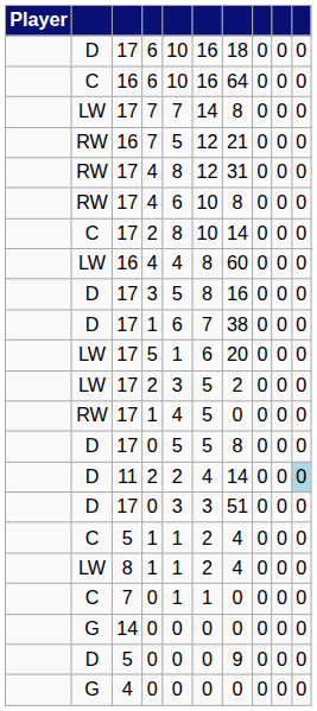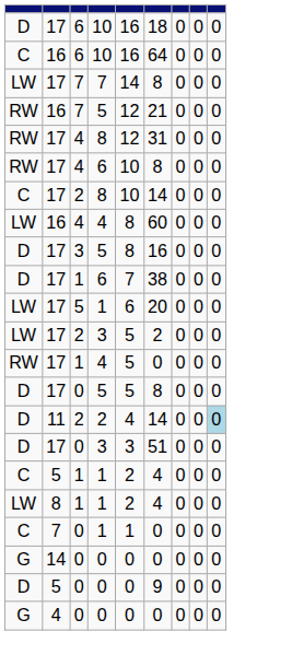 <table class="wikitable sortable">
 <tr align=center>
-<th style="color:white; background:#081073; ">Player</th>
 <th style="color:white; background:#081073; "></th>
 <th style="color:white; background:#081073; "></th>
 <th style="color:white;background:#081073; "></th>
 <th style="color:white;background:#081073; "></th>
 <th style="color:white;background:#081073; "></th>
 <th style="color:white;background:#081073; "></th>
 <th style="color:white;background:#081073; "></th>
 <th style="color:white;background:#081073; "></th>
 <th style="color:white;background:#081073; "></th>
 </tr>
 <tr align="center">
-<td align="right"></td>
 <td>D</td>
 <td>17</td>
 <td>6</td>
 <td>10</td>
 <td>16</td>
 <td>18</td>
 <td>0</td>
 <td>0</td>
 <td>0</td>
 </tr>
 <tr align="center">
-<td align="right"></td>
 <td>C</td>
 <td>16</td>
 <td>6</td>
 <td>10</td>
 <td>16</td>
 <td>64</td>
 <td>0</td>
 <td>0</td>
 <td>0</td>
 </tr>
 <tr align="center">
-<td align="right"></td>
 <td>LW</td>
 <td>17</td>
 <td>7</td>
 <td>7</td>
 <td>14</td>
 <td>8</td>
 <td>0</td>
 <td>0</td>
 <td>0</td>
 </tr>
 <tr align="center">
-<td align="right"></td>
 <td>RW</td>
 <td>16</td>
 <td>7</td>
 <td>5</td>
 <td>12</td>
 <td>21</td>
 <td>0</td>
 <td>0</td>
 <td>0</td>
 </tr>
 <tr align="center">
-<td align="right"></td>
 <td>RW</td>
 <td>17</td>
 <td>4</td>
 <td>8</td>
 <td>12</td>
 <td>31</td>
 <td>0</td>
 <td>0</td>
 <td>0</td>
 </tr>
 <tr align="center">
-<td align="right"></td>
 <td>RW</td>
 <td>17</td>
 <td>4</td>
 <td>6</td>
 <td>10</td>
 <td>8</td>
 <td>0</td>
 <td>0</td>
 <td>0</td>
 </tr>
 <tr align="center">
-<td align="right"></td>
 <td>C</td>
 <td>17</td>
 <td>2</td>
 <td>8</td>
 <td>10</td>
 <td>14</td>
 <td>0</td>
 <td>0</td>
 <td>0</td>
 </tr>
 <tr align="center">
-<td align="right"></td>
 <td>LW</td>
 <td>16</td>
 <td>4</td>
 <td>4</td>
 <td>8</td>
 <td>60</td>
 <td>0</td>
 <td>0</td>
 <td>0</td>
 </tr>
 <tr align="center">
-<td align="right"></td>
 <td>D</td>
 <td>17</td>
 <td>3</td>
 <td>5</td>
 <td>8</td>
 <td>16</td>
 <td>0</td>
 <td>0</td>
 <td>0</td>
 </tr>
 <tr align="center">
-<td align="right"></td>
 <td>D</td>
 <td>17</td>
 <td>1</td>
 <td>6</td>
 <td>7</td>
 <td>38</td>
 <td>0</td>
 <td>0</td>
 <td>0</td>
 </tr>
 <tr align="center">
-<td align="right"></td>
 <td>LW</td>
 <td>17</td>
 <td>5</td>
 <td>1</td>
 <td>6</td>
 <td>20</td>
 <td>0</td>
 <td>0</td>
 <td>0</td>
 </tr>
 <tr align="center">
-<td align="right"></td>
 <td>LW</td>
 <td>17</td>
 <td>2</td>
 <td>3</td>
 <td>5</td>
 <td>2</td>
 <td>0</td>
 <td>0</td>
 <td>0</td>
 </tr>
 <tr align="center">
-<td align="right"></td>
 <td>RW</td>
 <td>17</td>
 <td>1</td>
 <td>4</td>
 <td>5</td>
 <td>0</td>
 <td>0</td>
 <td>0</td>
 <td>0</td>
 </tr>
 <tr align="center">
-<td align="right"></td>
 <td>D</td>
 <td>17</td>
 <td>0</td>
 <td>5</td>
 <td>5</td>
 <td>8</td>
 <td>0</td>
 <td>0</td>
 <td>0</td>
 </tr>
 <tr align="center">
-<td align="right"></td>
 <td>D</td>
 <td>11</td>
 <td>2</td>
 <td>2</td>
 <td>4</td>
 <td>14</td>
 <td>0</td>
 <td>0</td>
 <td style="background: lightblue;">0</td>
 </tr>
 <tr align="center">
-<td align="right"></td>
 <td>D</td>
 <td>17</td>
 <td>0</td>
 <td>3</td>
 <td>3</td>
 <td>51</td>
 <td>0</td>
 <td>0</td>
 <td>0</td>
 </tr>
 <tr align="center">
-<td align="right"></td>
 <td>C</td>
 <td>5</td>
 <td>1</td>
 <td>1</td>
 <td>2</td>
 <td>4</td>
 <td>0</td>
 <td>0</td>
 <td>0</td>
 </tr>
 <tr align="center">
-<td align="right"></td>
 <td>LW</td>
 <td>8</td>
 <td>1</td>
 <td>1</td>
 <td>2</td>
 <td>4</td>
 <td>0</td>
 <td>0</td>
 <td>0</td>
 </tr>
 <tr align="center">
-<td align="right"></td>
 <td>C</td>
 <td>7</td>
 <td>0</td>
 <td>1</td>
 <td>1</td>
 <td>0</td>
 <td>0</td>
 <td>0</td>
 <td>0</td>
 </tr>
 <tr align="center">
-<td align="right"></td>
 <td>G</td>
 <td>14</td>
 <td>0</td>
 <td>0</td>
 <td>0</td>
 <td>0</td>
 <td>0</td>
 <td>0</td>
 <td>0</td>
 </tr>
 <tr align="center">
-<td align="right"></td>
 <td>D</td>
 <td>5</td>
 <td>0</td>
 <td>0</td>
 <td>0</td>
 <td>9</td>
 <td>0</td>
 <td>0</td>
 <td>0</td>
 </tr>
 <tr align="center">
-<td align="right"></td>
 <td>G</td>
 <td>4</td>
 <td>0</td>
 <td>0</td>
 <td>0</td>
 <td>0</td>
 <td>0</td>
 <td>0</td>
 <td>0</td>
 </tr>
 </table>
